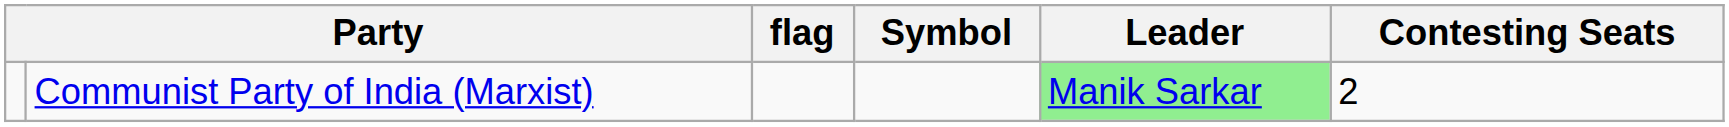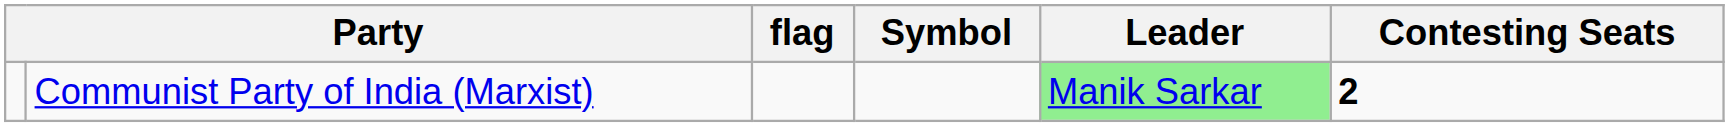 <table class="wikitable" width="60%">
 <tr>
 <th colspan="2">Party</th>
 <th>flag</th>
 <th>Symbol</th>
 <th>Leader</th>
 <th>Contesting Seats</th>
 </tr>
 <tr>
 <td></td>
 <td><a href='#'>Communist Party of India (Marxist)</a></td>
 <td></td>
 <td></td>
 <td style="background: lightgreen;"><a href='#'>Manik Sarkar</a></td>
-<td>2</td>
+<td><strong>2</strong></td>
 </tr>
 </table>
